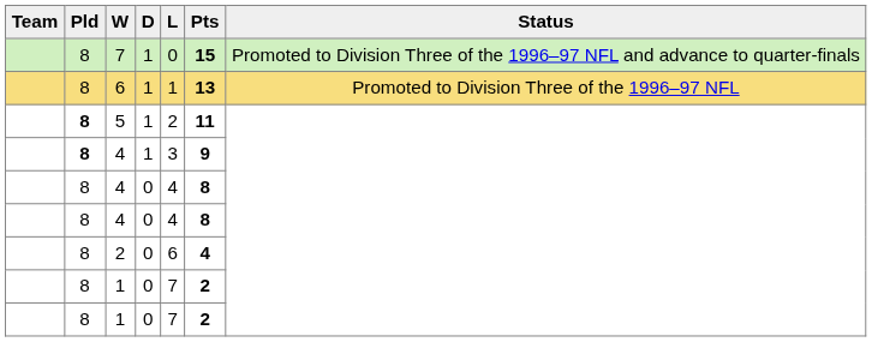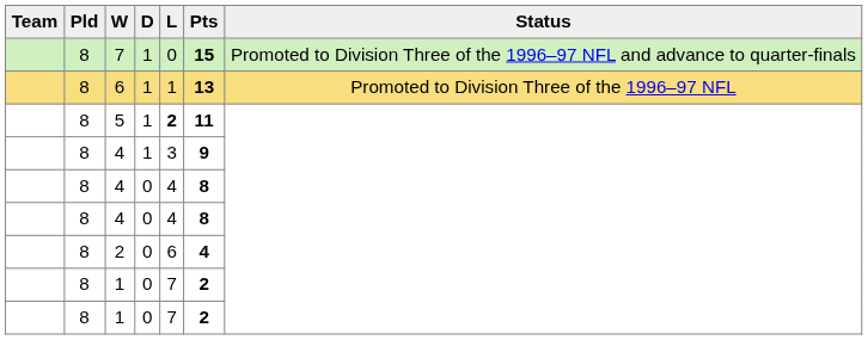 <table style=border-collapse:collapse border=1 cellspacing=0 cellpadding=5>
 <tr align=center bgcolor=#efefef>
 <th>Team</th>
 <th>Pld</th>
 <th>W</th>
 <th>D</th>
 <th>L</th>
 <th>Pts</th>
 <th>Status</th>
 </tr>
 <tr align=center style="background:#D0F0C0;">
 <td style="text-align:left;"> </td>
 <td>8</td>
 <td>7</td>
 <td>1</td>
 <td>0</td>
 <td><strong>15</strong></td>
 <td>Promoted to Division Three of the <a href='#'>1996–97 NFL</a> and advance to quarter-finals</td>
 </tr>
 <tr align=center style="background:#F8DE7E;">
 <td style="text-align:left;"> </td>
 <td>8</td>
 <td>6</td>
 <td>1</td>
 <td>1</td>
 <td><strong>13</strong></td>
 <td>Promoted to Division Three of the <a href='#'>1996–97 NFL</a></td>
 </tr>
 <tr align=center style="background:#FFFFFF;">
 <td style="text-align:left;"> </td>
-<td><strong>8</strong></td>
+<td>8</td>
 <td>5</td>
 <td>1</td>
-<td>2</td>
+<td><strong>2</strong></td>
 <td><strong>11</strong></td>
 <td rowspan=7></td>
 </tr>
 <tr align=center style="background:#FFFFFF;">
 <td style="text-align:left;"> </td>
-<td><strong>8</strong></td>
+<td>8</td>
 <td>4</td>
 <td>1</td>
 <td>3</td>
 <td><strong>9</strong></td>
 </tr>
 <tr align=center style="background:#FFFFFF;">
 <td style="text-align:left;"> </td>
 <td>8</td>
 <td>4</td>
 <td>0</td>
 <td>4</td>
 <td><strong>8</strong></td>
 </tr>
 <tr align=center style="background:#FFFFFF;">
 <td style="text-align:left;"> </td>
 <td>8</td>
 <td>4</td>
 <td>0</td>
 <td>4</td>
 <td><strong>8</strong></td>
 </tr>
 <tr align=center style="background:#FFFFFF;">
 <td style="text-align:left;"> </td>
 <td>8</td>
 <td>2</td>
 <td>0</td>
 <td>6</td>
 <td><strong>4</strong></td>
 </tr>
 <tr align=center style="background:#FFFFFF;">
 <td style="text-align:left;"> </td>
 <td>8</td>
 <td>1</td>
 <td>0</td>
 <td>7</td>
 <td><strong>2</strong></td>
 </tr>
 <tr align=center style="background:#FFFFFF;">
 <td style="text-align:left;"> </td>
 <td>8</td>
 <td>1</td>
 <td>0</td>
 <td>7</td>
 <td><strong>2</strong></td>
 </tr>
 </table>
